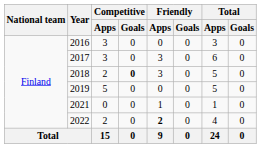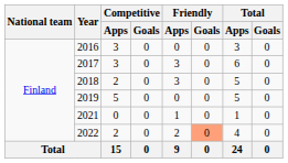 <table class="wikitable" style="text-align:center">
 <tr>
 <th rowspan="2">National team</th>
 <th rowspan="2">Year</th>
 <th colspan="2">Competitive</th>
 <th colspan="2">Friendly</th>
 <th colspan="2">Total</th>
 </tr>
 <tr>
 <th>Apps</th>
 <th>Goals</th>
 <th>Apps</th>
 <th>Goals</th>
 <th>Apps</th>
 <th>Goals</th>
 </tr>
 <tr>
 <td rowspan=6><a href='#'>Finland</a></td>
 <td>2016</td>
 <td>3</td>
 <td>0</td>
 <td>0</td>
 <td>0</td>
 <td>3</td>
 <td>0</td>
 </tr>
 <tr>
 <td>2017</td>
 <td>3</td>
 <td>0</td>
 <td>3</td>
 <td>0</td>
 <td>6</td>
 <td>0</td>
 </tr>
 <tr>
 <td>2018</td>
 <td>2</td>
-<td><strong>0</strong></td>
+<td>0</td>
 <td>3</td>
 <td>0</td>
 <td>5</td>
 <td>0</td>
 </tr>
 <tr>
 <td>2019</td>
 <td>5</td>
 <td>0</td>
 <td>0</td>
 <td>0</td>
 <td>5</td>
 <td>0</td>
 </tr>
 <tr>
 <td>2021</td>
 <td>0</td>
 <td>0</td>
 <td>1</td>
 <td>0</td>
 <td>1</td>
 <td>0</td>
 </tr>
 <tr>
 <td>2022</td>
 <td>2</td>
 <td>0</td>
-<td><strong>2</strong></td>
-<td>0</td>
+<td>2</td>
+<td style="background: lightsalmon;">0</td>
 <td>4</td>
 <td>0</td>
 </tr>
 <tr>
 <th colspan=2>Total</th>
 <th>15</th>
 <th>0</th>
 <th>9</th>
 <th>0</th>
 <th>24</th>
 <th>0</th>
 </tr>
 </table>
